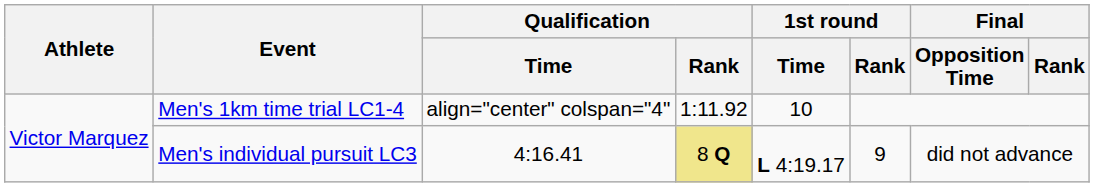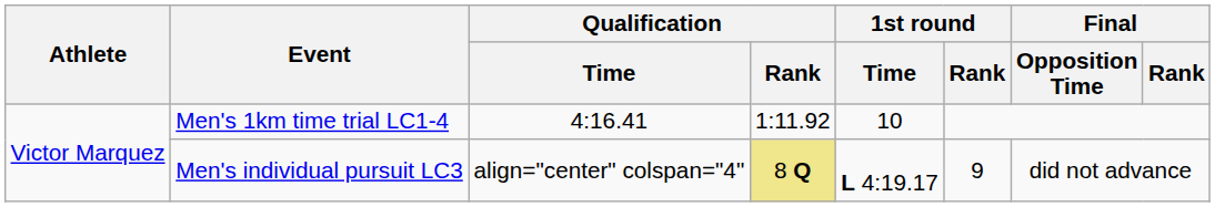 <table class=wikitable style="font-size:90%">
 <tr>
 <th rowspan="2">Athlete</th>
 <th rowspan="2">Event</th>
 <th colspan="2">Qualification</th>
 <th colspan="2">1st round</th>
 <th colspan="2">Final</th>
 </tr>
 <tr>
 <th>Time</th>
 <th>Rank</th>
 <th>Time</th>
 <th>Rank</th>
 <th>Opposition<br>Time</th>
 <th>Rank</th>
 </tr>
 <tr>
 <td rowspan="2"><a href='#'>Victor Marquez</a></td>
 <td><a href='#'>Men's 1km time trial LC1-4</a></td>
-<td>align="center" colspan="4" </td>
+<td align="center">4:16.41</td>
 <td align="center">1:11.92</td>
 <td align="center">10</td>
 </tr>
 <tr>
 <td><a href='#'>Men's individual pursuit LC3</a></td>
-<td align="center">4:16.41</td>
+<td>align="center" colspan="4" </td>
 <td align="center" style="background: khaki;">8 <strong>Q</strong></td>
 <td align="center"><br><strong>L</strong> 4:19.17</td>
 <td align="center">9</td>
 <td align="center" colspan="2">did not advance</td>
 </tr>
 </table>
